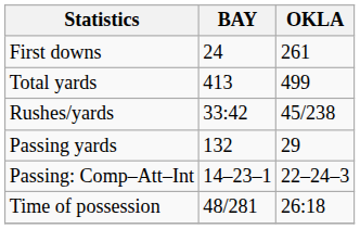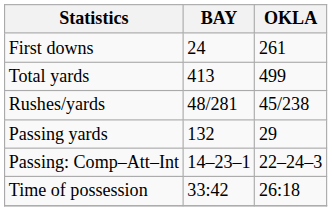 <table class="wikitable" style="float: left;">
 <tr>
 <th>Statistics</th>
 <th>BAY</th>
 <th>OKLA</th>
 </tr>
 <tr>
 <td>First downs</td>
 <td>24</td>
 <td>261</td>
 </tr>
 <tr>
 <td>Total yards</td>
 <td>413</td>
 <td>499</td>
 </tr>
 <tr>
 <td>Rushes/yards</td>
-<td>33:42</td>
+<td>48/281</td>
 <td>45/238</td>
 </tr>
 <tr>
 <td>Passing yards</td>
 <td>132</td>
 <td>29</td>
 </tr>
 <tr>
 <td>Passing: Comp–Att–Int</td>
 <td>14–23–1</td>
 <td>22–24–3</td>
 </tr>
 <tr>
 <td>Time of possession</td>
-<td>48/281</td>
+<td>33:42</td>
 <td>26:18</td>
 </tr>
 <tr>
 </tr>
 </table>
